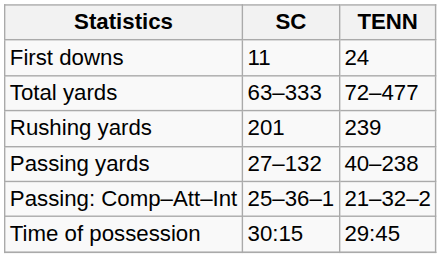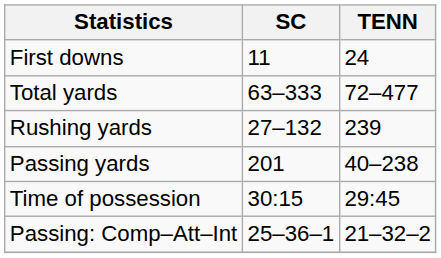 <table class="wikitable" style="float: left;">
 <tr>
 <th>Statistics</th>
 <th>SC</th>
 <th>TENN</th>
 </tr>
 <tr>
 <td>First downs</td>
 <td>11</td>
 <td>24</td>
 </tr>
 <tr>
 <td>Total yards</td>
 <td>63–333</td>
 <td>72–477</td>
 </tr>
 <tr>
 <td>Rushing yards</td>
-<td>201</td>
+<td>27–132</td>
 <td>239</td>
 </tr>
 <tr>
 <td>Passing yards</td>
-<td>27–132</td>
+<td>201</td>
 <td>40–238</td>
+</tr>
+<tr>
+<td>Time of possession</td>
+<td>30:15</td>
+<td>29:45</td>
 </tr>
 <tr>
 <td>Passing: Comp–Att–Int</td>
 <td>25–36–1</td>
 <td>21–32–2</td>
 </tr>
 <tr>
-<td>Time of possession</td>
-<td>30:15</td>
-<td>29:45</td>
-</tr>
-<tr>
 </tr>
 </table>
